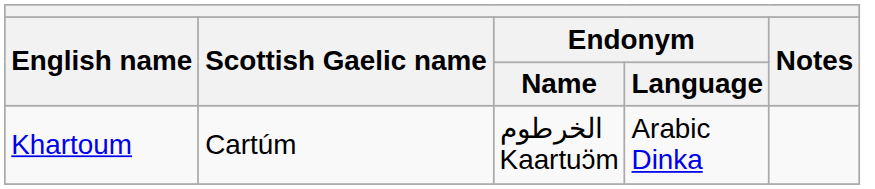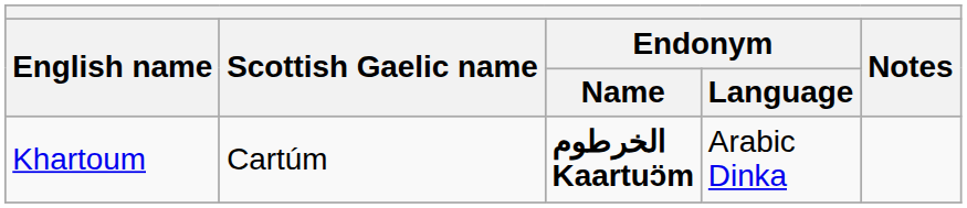 <table class="wikitable sortable">
 <tr>
 <th colspan="5"></th>
 </tr>
 <tr>
 <th rowspan="2">English name</th>
 <th rowspan="2">Scottish Gaelic name</th>
 <th colspan="2">Endonym</th>
 <th rowspan="2">Notes</th>
 </tr>
 <tr>
 <th>Name</th>
 <th>Language</th>
 </tr>
 <tr>
 <td><a href='#'>Khartoum</a></td>
 <td>Cartúm</td>
-<td>الخرطوم<br>Kaartuɔ̈m</td>
+<td><strong>الخرطوم<br>Kaartuɔ̈m</strong></td>
 <td>Arabic<br><a href='#'>Dinka</a></td>
 <td></td>
 </tr>
 </table>
